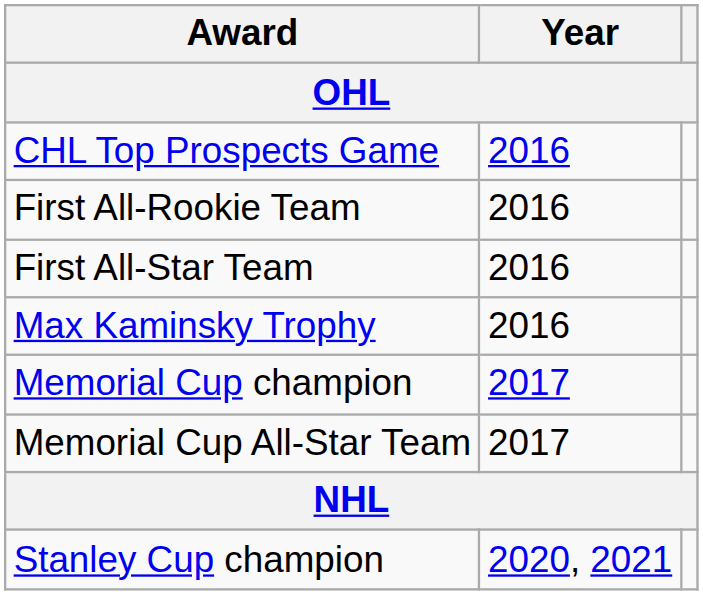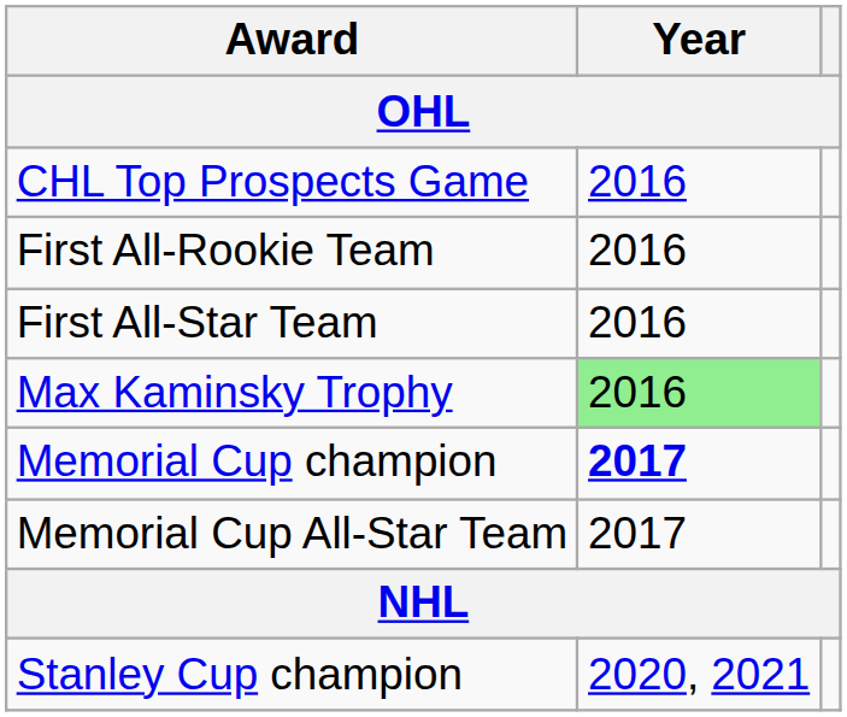 <table class="wikitable">
 <tr>
 <th>Award</th>
 <th>Year</th>
 <th></th>
 </tr>
 <tr ALIGN="center" bgcolor="#e0e0e0">
 <th colspan="3"><a href='#'>OHL</a></th>
 </tr>
 <tr>
 <td><a href='#'>CHL Top Prospects Game</a></td>
 <td><a href='#'>2016</a></td>
 <td></td>
 </tr>
 <tr>
 <td>First All-Rookie Team</td>
 <td>2016</td>
 <td></td>
 </tr>
 <tr>
 <td>First All-Star Team</td>
 <td>2016</td>
 <td></td>
 </tr>
 <tr>
 <td><a href='#'>Max Kaminsky Trophy</a></td>
-<td>2016</td>
+<td style="background: lightgreen;">2016</td>
 <td></td>
 </tr>
 <tr>
 <td><a href='#'>Memorial Cup</a> champion</td>
-<td><a href='#'>2017</a></td>
+<td><strong><a href='#'>2017</a></strong></td>
 <td></td>
 </tr>
 <tr>
 <td>Memorial Cup All-Star Team</td>
 <td>2017</td>
 <td></td>
 </tr>
 <tr ALIGN="center" bgcolor="#e0e0e0">
 <th colspan="3"><a href='#'>NHL</a></th>
 </tr>
 <tr>
 <td><a href='#'>Stanley Cup</a> champion</td>
 <td><a href='#'>2020</a>, <a href='#'>2021</a></td>
 <td></td>
 </tr>
 </table>
